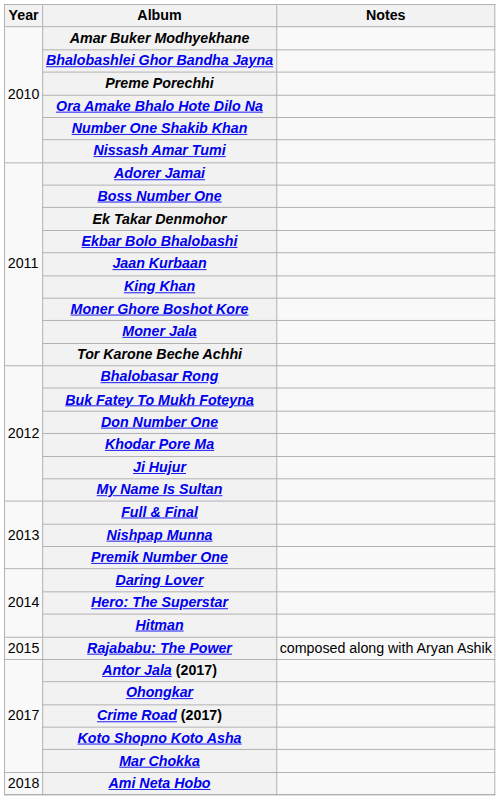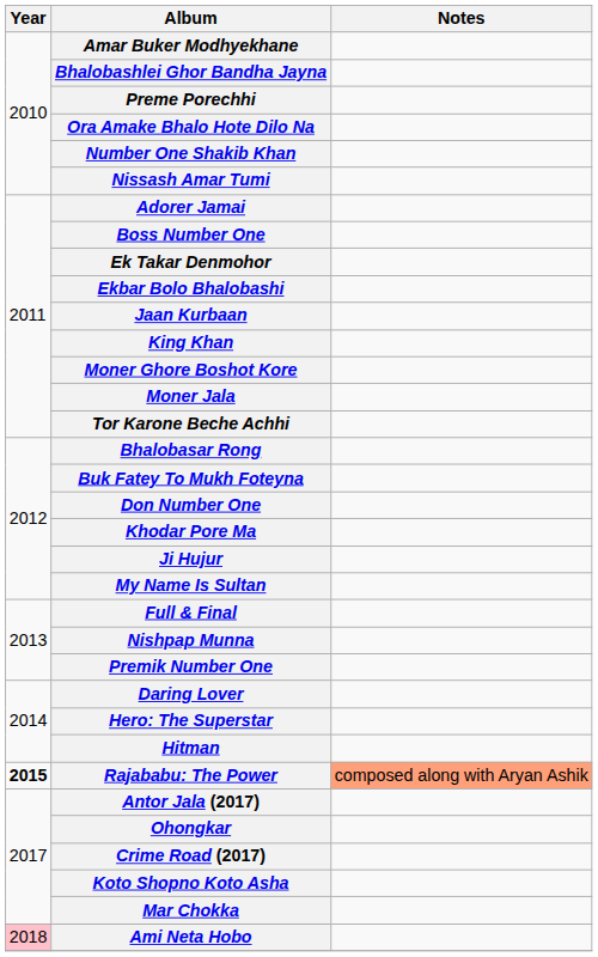 <table class="wikitable sortable">
 <tr>
 <th>Year</th>
 <th>Album</th>
 <th>Notes</th>
 </tr>
 <tr>
 <td rowspan=6>2010</td>
 <th><em>Amar Buker Modhyekhane</em></th>
 <td></td>
 </tr>
 <tr>
 <th><em><a href='#'>Bhalobashlei Ghor Bandha Jayna</a></em></th>
 <td></td>
 </tr>
 <tr>
 <th><em>Preme Porechhi</em></th>
 <td></td>
 </tr>
 <tr>
 <th><em><a href='#'>Ora Amake Bhalo Hote Dilo Na</a></em></th>
 <td></td>
 </tr>
 <tr>
 <th><em><a href='#'>Number One Shakib Khan</a></em></th>
 <td></td>
 </tr>
 <tr>
 <th><em><a href='#'>Nissash Amar Tumi</a></em></th>
 <td></td>
 </tr>
 <tr>
 <td rowspan=9>2011</td>
 <th><em><a href='#'>Adorer Jamai</a></em></th>
 <td></td>
 </tr>
 <tr>
 <th><em><a href='#'>Boss Number One</a></em></th>
 <td></td>
 </tr>
 <tr>
 <th><em>Ek Takar Denmohor</em></th>
 <td></td>
 </tr>
 <tr>
 <th><em><a href='#'>Ekbar Bolo Bhalobashi</a></em></th>
 <td></td>
 </tr>
 <tr>
 <th><em><a href='#'>Jaan Kurbaan</a></em></th>
 <td></td>
 </tr>
 <tr>
 <th><em><a href='#'>King Khan</a></em></th>
 <td></td>
 </tr>
 <tr>
 <th><em><a href='#'>Moner Ghore Boshot Kore</a></em></th>
 <td></td>
 </tr>
 <tr>
 <th><em><a href='#'>Moner Jala</a></em></th>
 <td></td>
 </tr>
 <tr>
 <th><em>Tor Karone Beche Achhi</em></th>
 <td></td>
 </tr>
 <tr>
 <td rowspan=6>2012</td>
 <th><em><a href='#'>Bhalobasar Rong</a></em></th>
 <td></td>
 </tr>
 <tr>
 <th><em><a href='#'>Buk Fatey To Mukh Foteyna</a></em></th>
 <td></td>
 </tr>
 <tr>
 <th><em><a href='#'>Don Number One</a></em></th>
 <td></td>
 </tr>
 <tr>
 <th><em><a href='#'>Khodar Pore Ma</a></em></th>
 <td></td>
 </tr>
 <tr>
 <th><em><a href='#'>Ji Hujur</a></em></th>
 <td></td>
 </tr>
 <tr>
 <th><em><a href='#'>My Name Is Sultan</a></em></th>
 <td></td>
 </tr>
 <tr>
 <td rowspan=3>2013</td>
 <th><em><a href='#'>Full & Final</a></em></th>
 <td></td>
 </tr>
 <tr>
 <th><em><a href='#'>Nishpap Munna</a></em></th>
 <td></td>
 </tr>
 <tr>
 <th><em><a href='#'>Premik Number One</a></em></th>
 <td></td>
 </tr>
 <tr>
 <td rowspan=3>2014</td>
 <th><em><a href='#'>Daring Lover</a></em></th>
 <td></td>
 </tr>
 <tr>
 <th><em><a href='#'>Hero: The Superstar</a></em></th>
 <td></td>
 </tr>
 <tr>
 <th><em><a href='#'>Hitman</a></em></th>
 <td></td>
 </tr>
 <tr>
-<td Rowspan=>2015</td>
+<td Rowspan=><strong>2015</strong></td>
 <th><em><a href='#'>Rajababu: The Power</a></em></th>
-<td>composed along with Aryan Ashik</td>
+<td style="background: lightsalmon;">composed along with Aryan Ashik</td>
 </tr>
 <tr>
 <td Rowspan=5>2017</td>
 <th><em><a href='#'>Antor Jala</a></em> (2017)</th>
 <td></td>
 </tr>
 <tr>
 <th><em><a href='#'>Ohongkar</a></em></th>
 <td></td>
 </tr>
 <tr>
 <th><em><a href='#'>Crime Road</a></em> (2017)</th>
 <td></td>
 </tr>
 <tr>
 <th><em><a href='#'>Koto Shopno Koto Asha</a></em></th>
 <td></td>
 </tr>
 <tr>
 <th><em><a href='#'>Mar Chokka</a></em></th>
 <td></td>
 </tr>
 <tr>
-<td>2018</td>
+<td style="background: pink;">2018</td>
 <th><em><a href='#'>Ami Neta Hobo</a></em></th>
 <td></td>
 </tr>
 <tr>
 </tr>
 </table>
